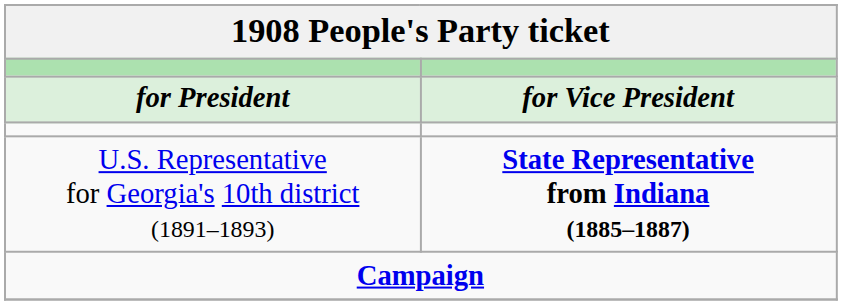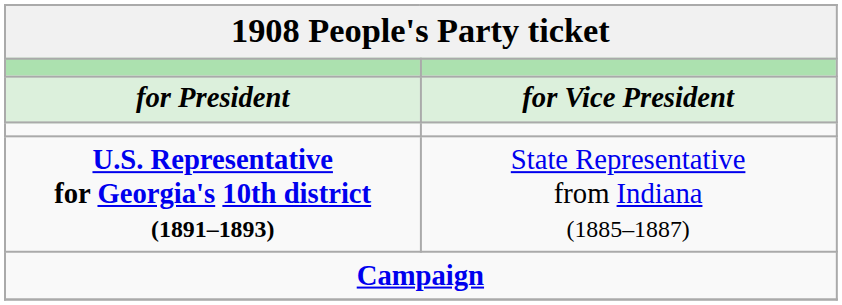 <table class="wikitable" style="font-size:90%; text-align:center;">
 <tr>
 <td style="background:#f1f1f1;" colspan="30"><big><strong>1908 People's Party ticket</strong></big></td>
 </tr>
 <tr>
 <th style="width:3em; font-size:135%; background:#ACE1AF; width:200px;"><a href='#'></a></th>
 <th style="width:3em; font-size:135%; background:#ACE1AF; width:200px;"><a href='#'></a></th>
 </tr>
 <tr style="color:#000; font-size:100%; background:#dcf0dc;">
 <td style="width:3em; width:200px;"><strong><em>for President</em></strong></td>
 <td style="width:3em; width:200px;"><strong><em>for Vice President</em></strong></td>
 </tr>
 <tr>
 <td></td>
 <td></td>
 </tr>
 <tr>
-<td><a href='#'>U.S. Representative</a><br>for <a href='#'>Georgia's</a> <a href='#'>10th district</a><br><small>(1891–1893)</small></td>
-<td><strong><a href='#'>State Representative</a><br>from <a href='#'>Indiana</a><br><small>(1885–1887)</small></strong></td>
+<td><strong><a href='#'>U.S. Representative</a><br>for <a href='#'>Georgia's</a> <a href='#'>10th district</a><br><small>(1891–1893)</small></strong></td>
+<td><a href='#'>State Representative</a><br>from <a href='#'>Indiana</a><br><small>(1885–1887)</small></td>
 </tr>
 <tr>
 <td colspan=2><a href='#'><strong>Campaign</strong></a></td>
 </tr>
 <tr>
 </tr>
 </table>
